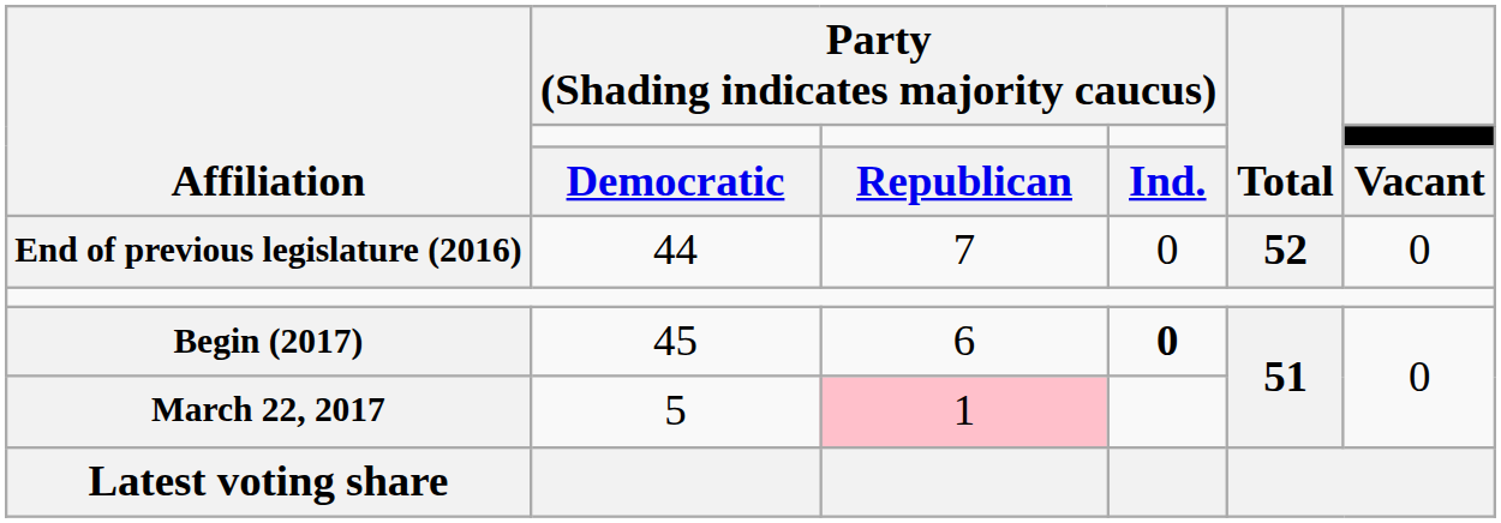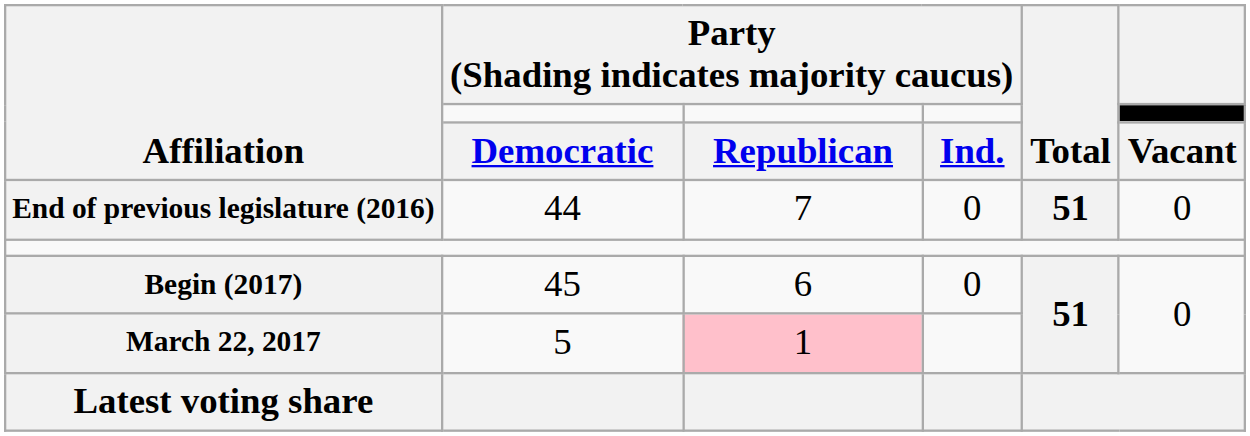 <table class=wikitable style="text-align:center">
 <tr style="vertical-align:bottom;">
 <th rowspan=3>Affiliation</th>
 <th colspan="3">Party <div>(Shading indicates majority caucus)</div></th>
 <th rowspan=3>Total</th>
 <th></th>
 </tr>
 <tr style="height:5px">
 <td style="background-color:"></td>
 <td style="background-color:"></td>
 <td style="background-color:"></td>
 <td style="background-color:black"></td>
 </tr>
 <tr>
 <th><a href='#'>Democratic</a></th>
 <th><a href='#'>Republican</a></th>
 <th><a href='#'>Ind.</a></th>
 <th>Vacant</th>
 </tr>
 <tr>
 <th nowrap style="font-size:80%">End of previous legislature (2016)</th>
 <td>44</td>
 <td>7</td>
 <td>0</td>
-<th>52</th>
+<th>51</th>
 <td>0</td>
 </tr>
 <tr>
 <td colspan="6"></td>
 </tr>
 <tr>
 <th nowrap style="font-size:80%">Begin (2017)</th>
 <td>45</td>
 <td>6</td>
-<td><strong>0</strong></td>
+<td>0</td>
 <th rowspan=2>51</th>
 <td rowspan=2>0</td>
 </tr>
 <tr>
 <th nowrap style="font-size:80%">March 22, 2017</th>
 <td>5</td>
 <td style="background: pink;">1</td>
 </tr>
 <tr>
 <th>Latest voting share</th>
 <th></th>
 <th></th>
 <th></th>
 <th colspan=2></th>
 </tr>
 </table>
